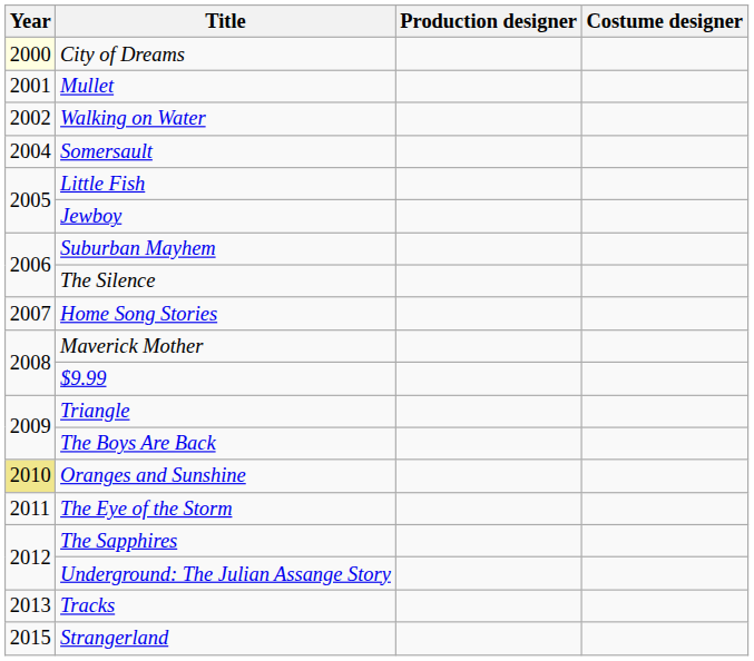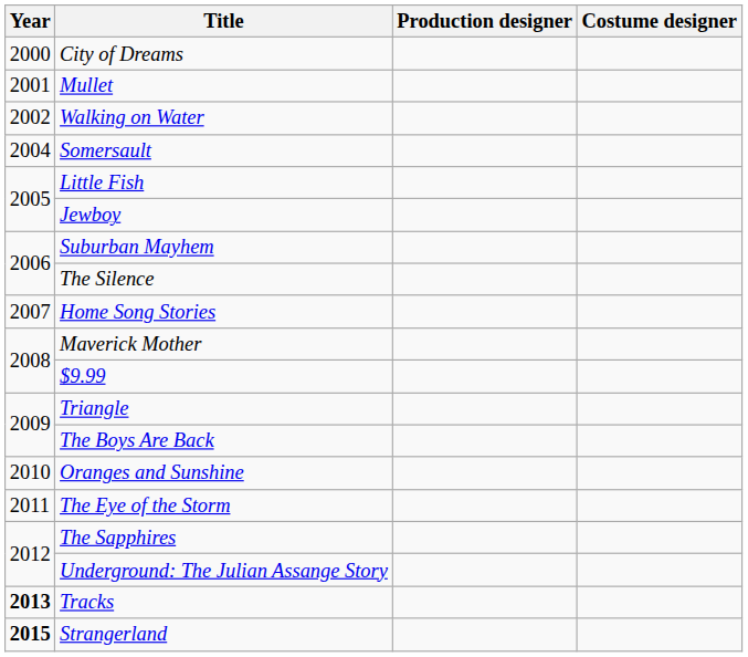 <table class="wikitable">
 <tr>
 <th>Year</th>
 <th>Title</th>
 <th>Production designer</th>
 <th>Costume designer</th>
 </tr>
 <tr>
-<td style="background: lightyellow;">2000</td>
+<td>2000</td>
 <td><em>City of Dreams</em></td>
 <td></td>
 <td></td>
 </tr>
 <tr>
 <td>2001</td>
 <td><em><a href='#'>Mullet</a></em></td>
 <td></td>
 <td></td>
 </tr>
 <tr>
 <td>2002</td>
 <td><em><a href='#'>Walking on Water</a></em></td>
 <td></td>
 <td></td>
 </tr>
 <tr>
 <td>2004</td>
 <td><em><a href='#'>Somersault</a></em></td>
 <td></td>
 <td></td>
 </tr>
 <tr>
 <td rowspan=2>2005</td>
 <td><em><a href='#'>Little Fish</a></em></td>
 <td></td>
 <td></td>
 </tr>
 <tr>
 <td><em><a href='#'>Jewboy</a></em></td>
 <td></td>
 <td></td>
 </tr>
 <tr>
 <td rowspan=2>2006</td>
 <td><em><a href='#'>Suburban Mayhem</a></em></td>
 <td></td>
 <td></td>
 </tr>
 <tr>
 <td><em>The Silence</em></td>
 <td></td>
 <td></td>
 </tr>
 <tr>
 <td>2007</td>
 <td><em><a href='#'>Home Song Stories</a></em></td>
 <td></td>
 <td></td>
 </tr>
 <tr>
 <td rowspan=2>2008</td>
 <td><em>Maverick Mother</em></td>
 <td></td>
 <td></td>
 </tr>
 <tr>
 <td><em><a href='#'>$9.99</a></em></td>
 <td></td>
 <td></td>
 </tr>
 <tr>
 <td rowspan=2>2009</td>
 <td><em><a href='#'>Triangle</a></em></td>
 <td></td>
 <td></td>
 </tr>
 <tr>
 <td><em><a href='#'>The Boys Are Back</a></em></td>
 <td></td>
 <td></td>
 </tr>
 <tr>
-<td style="background: khaki;">2010</td>
+<td>2010</td>
 <td><em><a href='#'>Oranges and Sunshine</a></em></td>
 <td></td>
 <td></td>
 </tr>
 <tr>
 <td>2011</td>
 <td><em><a href='#'>The Eye of the Storm</a></em></td>
 <td></td>
 <td></td>
 </tr>
 <tr>
 <td rowspan=2>2012</td>
 <td><em><a href='#'>The Sapphires</a></em></td>
 <td></td>
 <td></td>
 </tr>
 <tr>
 <td><em><a href='#'>Underground: The Julian Assange Story</a></em></td>
 <td></td>
 <td></td>
 </tr>
 <tr>
-<td>2013</td>
+<td><strong>2013</strong></td>
 <td><em><a href='#'>Tracks</a></em></td>
 <td></td>
 <td></td>
 </tr>
 <tr>
-<td>2015</td>
+<td><strong>2015</strong></td>
 <td><em><a href='#'>Strangerland</a></em></td>
 <td></td>
 <td></td>
 </tr>
 </table>
